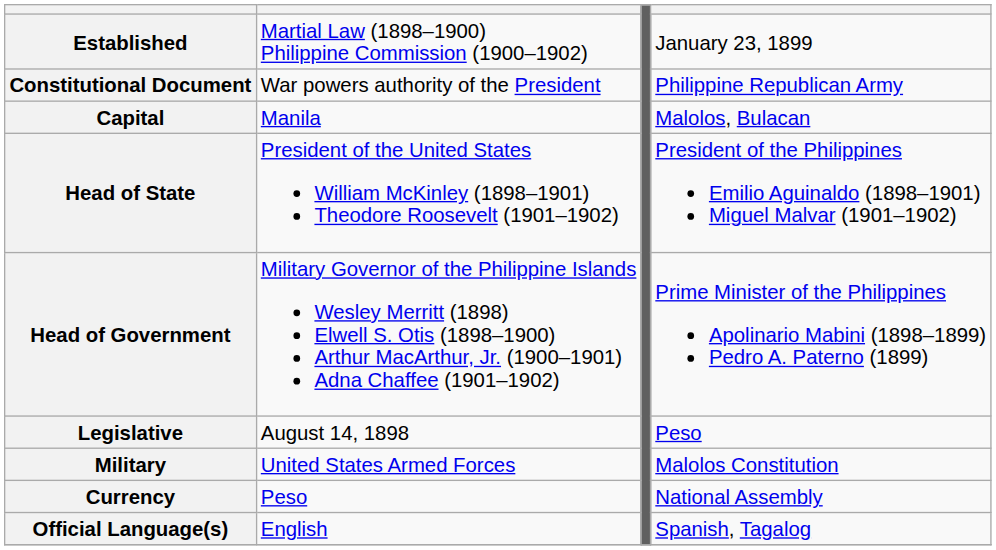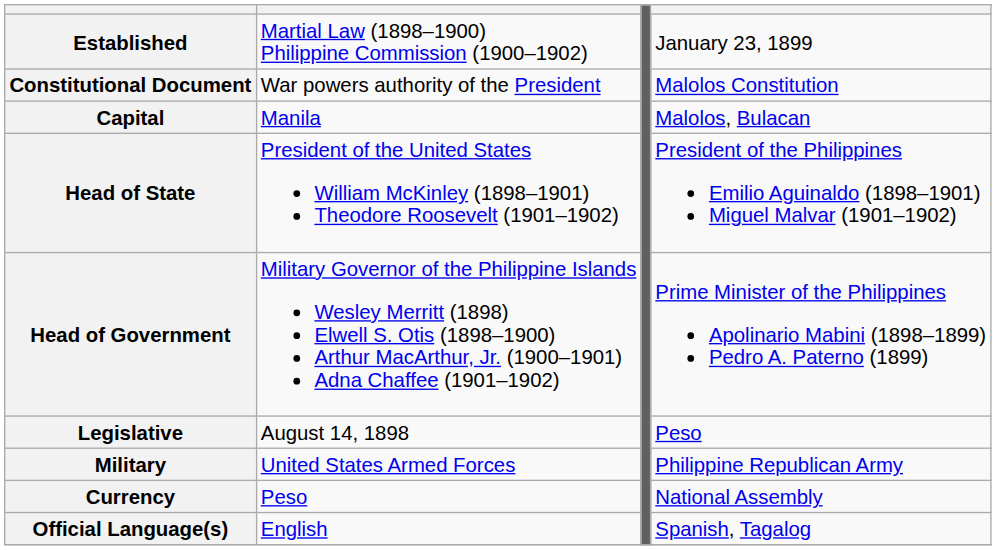 <table class="wikitable" style="font-size: 95%;" align=center>
 <tr>
 <th></th>
 <th></th>
 <td rowspan="17" bgcolor="#606060"></td>
 <th></th>
 </tr>
 <tr>
 <th>Established</th>
 <td><a href='#'>Martial Law</a> (1898–1900)<br><a href='#'>Philippine Commission</a> (1900–1902)</td>
 <td>January 23, 1899</td>
 </tr>
 <tr>
 <th>Constitutional Document</th>
 <td>War powers authority of the <a href='#'>President</a></td>
-<td><a href='#'>Philippine Republican Army</a></td>
+<td><a href='#'>Malolos Constitution</a></td>
 </tr>
 <tr>
 <th>Capital</th>
 <td><a href='#'>Manila</a></td>
 <td><a href='#'>Malolos</a>, <a href='#'>Bulacan</a></td>
 </tr>
 <tr>
 <th>Head of State</th>
 <td><a href='#'>President of the United States</a><br><ul><li><a href='#'>William McKinley</a> (1898–1901)</li><li><a href='#'>Theodore Roosevelt</a> (1901–1902)</li></ul></td>
 <td><a href='#'>President of the Philippines</a><br><ul><li><a href='#'>Emilio Aguinaldo</a> (1898–1901)</li><li><a href='#'>Miguel Malvar</a> (1901–1902) </li></ul></td>
 </tr>
 <tr>
 <th>Head of Government</th>
 <td><a href='#'>Military Governor of the Philippine Islands</a><br><ul><li><a href='#'>Wesley Merritt</a> (1898)</li><li><a href='#'>Elwell S. Otis</a> (1898–1900)</li><li><a href='#'>Arthur MacArthur, Jr.</a> (1900–1901)</li><li><a href='#'>Adna Chaffee</a> (1901–1902)</li></ul></td>
 <td><a href='#'>Prime Minister of the Philippines</a><br><ul><li><a href='#'>Apolinario Mabini</a> (1898–1899)</li><li><a href='#'>Pedro A. Paterno</a> (1899)</li></ul></td>
 </tr>
 <tr>
 <th>Legislative</th>
 <td>August 14, 1898</td>
 <td><a href='#'>Peso</a></td>
 </tr>
 <tr>
 <th>Military</th>
 <td><a href='#'>United States Armed Forces</a></td>
-<td><a href='#'>Malolos Constitution</a></td>
+<td><a href='#'>Philippine Republican Army</a></td>
 </tr>
 <tr>
 <th>Currency</th>
 <td><a href='#'>Peso</a></td>
 <td><a href='#'>National Assembly</a></td>
 </tr>
 <tr>
 <th>Official Language(s)</th>
 <td><a href='#'>English</a></td>
 <td><a href='#'>Spanish</a>, <a href='#'>Tagalog</a></td>
 </tr>
 <tr>
 </tr>
 </table>
